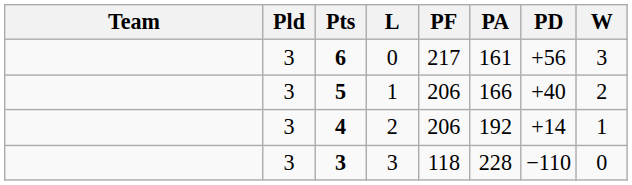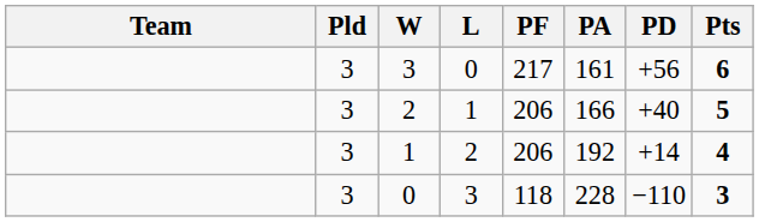 <table class=wikitable style="text-align:center">
 <tr>
 <th width=180>Team</th>
 <th width=30>Pld</th>
-<th width=30>Pts</th>
+<th width=30>W</th>
 <th width=30>L</th>
 <th width=30>PF</th>
 <th width=30>PA</th>
 <th width=30>PD</th>
-<th width=30>W</th>
+<th width=30>Pts</th>
 </tr>
 <tr align=center>
 <td align=left></td>
 <td>3</td>
-<td><strong>6</strong></td>
+<td>3</td>
 <td>0</td>
 <td>217</td>
 <td>161</td>
 <td>+56</td>
-<td>3</td>
+<td><strong>6</strong></td>
 </tr>
 <tr align=center>
 <td align=left></td>
 <td>3</td>
-<td><strong>5</strong></td>
+<td>2</td>
 <td>1</td>
 <td>206</td>
 <td>166</td>
 <td>+40</td>
-<td>2</td>
+<td><strong>5</strong></td>
 </tr>
 <tr align=center>
 <td align=left></td>
 <td>3</td>
-<td><strong>4</strong></td>
+<td>1</td>
 <td>2</td>
 <td>206</td>
 <td>192</td>
 <td>+14</td>
-<td>1</td>
+<td><strong>4</strong></td>
 </tr>
 <tr align=center>
 <td align=left></td>
 <td>3</td>
-<td><strong>3</strong></td>
+<td>0</td>
 <td>3</td>
 <td>118</td>
 <td>228</td>
 <td>−110</td>
-<td>0</td>
+<td><strong>3</strong></td>
 </tr>
 </table>
